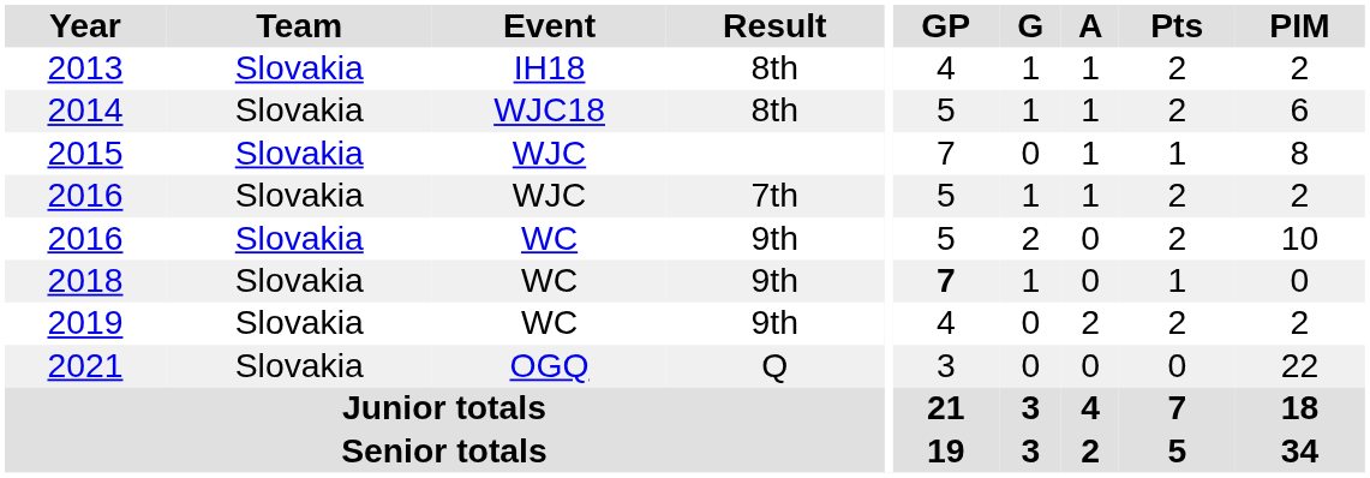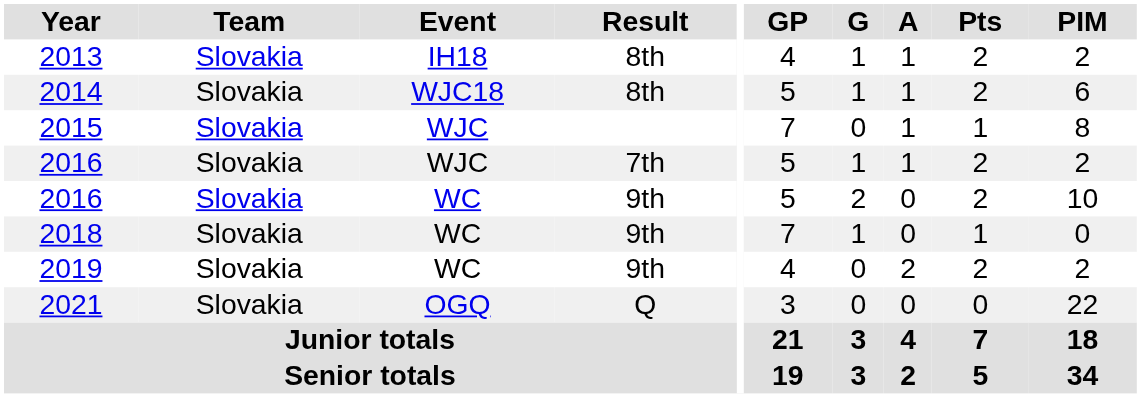 <table border="0" cellpadding="1" cellspacing="0" ID="Table3" style="text-align:center; width:40em">
 <tr ALIGN="center" bgcolor="#e0e0e0">
 <th>Year</th>
 <th>Team</th>
 <th>Event</th>
 <th>Result</th>
 <th rowspan="99" bgcolor="#ffffff"></th>
 <th>GP</th>
 <th>G</th>
 <th>A</th>
 <th>Pts</th>
 <th>PIM</th>
 </tr>
 <tr>
 <td><a href='#'>2013</a></td>
 <td><a href='#'>Slovakia</a></td>
 <td><a href='#'>IH18</a></td>
 <td>8th</td>
 <td>4</td>
 <td>1</td>
 <td>1</td>
 <td>2</td>
 <td>2</td>
 </tr>
 <tr bgcolor="#f0f0f0">
 <td><a href='#'>2014</a></td>
 <td>Slovakia</td>
 <td><a href='#'>WJC18</a></td>
 <td>8th</td>
 <td>5</td>
 <td>1</td>
 <td>1</td>
 <td>2</td>
 <td>6</td>
 </tr>
 <tr>
 <td><a href='#'>2015</a></td>
 <td><a href='#'>Slovakia</a></td>
 <td><a href='#'>WJC</a></td>
 <td></td>
 <td>7</td>
 <td>0</td>
 <td>1</td>
 <td>1</td>
 <td>8</td>
 </tr>
 <tr bgcolor="#f0f0f0">
 <td><a href='#'>2016</a></td>
 <td>Slovakia</td>
 <td>WJC</td>
 <td>7th</td>
 <td>5</td>
 <td>1</td>
 <td>1</td>
 <td>2</td>
 <td>2</td>
 </tr>
 <tr>
 <td><a href='#'>2016</a></td>
 <td><a href='#'>Slovakia</a></td>
 <td><a href='#'>WC</a></td>
 <td>9th</td>
 <td>5</td>
 <td>2</td>
 <td>0</td>
 <td>2</td>
 <td>10</td>
 </tr>
 <tr bgcolor="#f0f0f0">
 <td><a href='#'>2018</a></td>
 <td>Slovakia</td>
 <td>WC</td>
 <td>9th</td>
-<td><strong>7</strong></td>
+<td>7</td>
 <td>1</td>
 <td>0</td>
 <td>1</td>
 <td>0</td>
 </tr>
 <tr>
 <td><a href='#'>2019</a></td>
 <td>Slovakia</td>
 <td>WC</td>
 <td>9th</td>
 <td>4</td>
 <td>0</td>
 <td>2</td>
 <td>2</td>
 <td>2</td>
 </tr>
 <tr bgcolor="#f0f0f0">
 <td><a href='#'>2021</a></td>
 <td>Slovakia</td>
 <td><a href='#'>OGQ</a></td>
 <td>Q</td>
 <td>3</td>
 <td>0</td>
 <td>0</td>
 <td>0</td>
 <td>22</td>
 </tr>
 <tr bgcolor="#e0e0e0">
 <th colspan="4">Junior totals</th>
 <th>21</th>
 <th>3</th>
 <th>4</th>
 <th>7</th>
 <th>18</th>
 </tr>
 <tr bgcolor="#e0e0e0">
 <th colspan="4">Senior totals</th>
 <th>19</th>
 <th>3</th>
 <th>2</th>
 <th>5</th>
 <th>34</th>
 </tr>
 </table>
